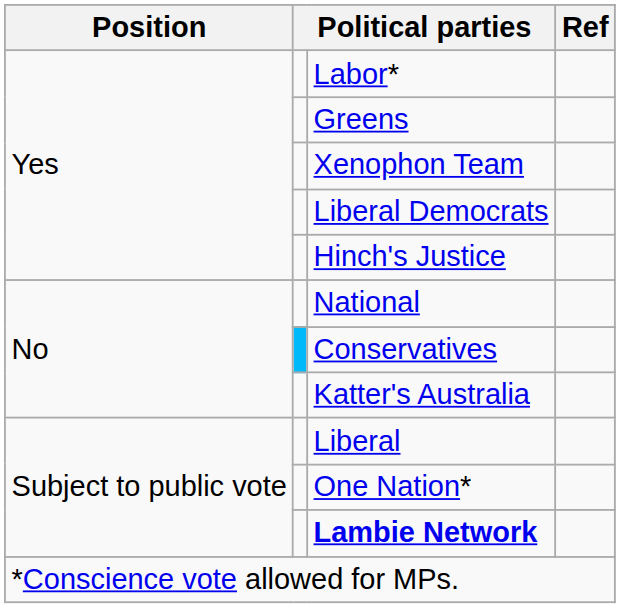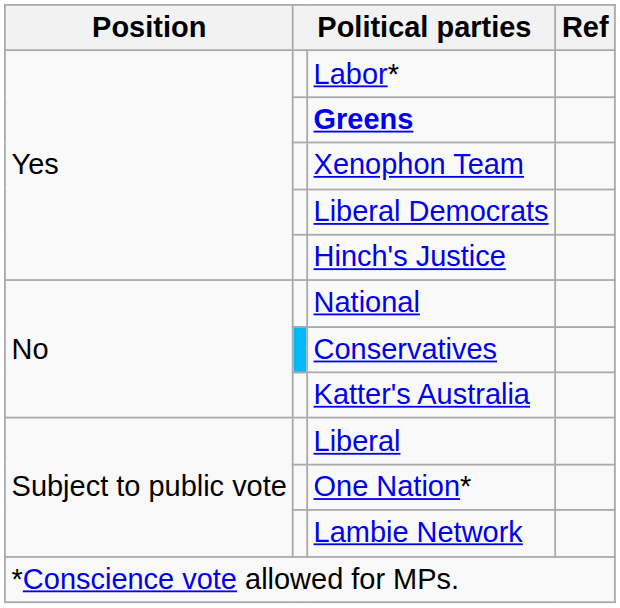 <table class="wikitable">
 <tr>
 <th>Position</th>
 <th colspan=2>Political parties</th>
 <th>Ref</th>
 </tr>
 <tr>
 <td rowspan="5">Yes</td>
 <td style="background-color: "></td>
 <td><a href='#'>Labor</a>*</td>
 <td></td>
 </tr>
 <tr>
 <td style="background-color: "></td>
-<td><a href='#'>Greens</a></td>
+<td><strong><a href='#'>Greens</a></strong></td>
 <td></td>
 </tr>
 <tr>
 <td style="background-color: "></td>
 <td><a href='#'>Xenophon Team</a></td>
 <td></td>
 </tr>
 <tr>
 <td style="background-color: "></td>
 <td><a href='#'>Liberal Democrats</a></td>
 <td></td>
 </tr>
 <tr>
 <td style="background-color: "></td>
 <td><a href='#'>Hinch's Justice</a></td>
 <td></td>
 </tr>
 <tr>
 <td rowspan="3">No</td>
 <td style="background-color: "></td>
 <td><a href='#'>National</a></td>
 <td></td>
 </tr>
 <tr>
 <td style="background:#00b9fb;"></td>
 <td><a href='#'>Conservatives</a></td>
 <td></td>
 </tr>
 <tr>
 <td style="background-color: "></td>
 <td><a href='#'>Katter's Australia</a></td>
 <td></td>
 </tr>
 <tr>
 <td rowspan="3">Subject to public vote</td>
 <td style="background-color: "></td>
 <td><a href='#'>Liberal</a></td>
 <td></td>
 </tr>
 <tr>
 <td style="background-color: "></td>
 <td><a href='#'>One Nation</a>*</td>
 <td></td>
 </tr>
 <tr>
 <td style="background-color: "></td>
-<td><strong><a href='#'>Lambie Network</a></strong></td>
+<td><a href='#'>Lambie Network</a></td>
 <td></td>
 </tr>
 <tr>
 <td colspan="4">*<a href='#'>Conscience vote</a> allowed for MPs.</td>
 </tr>
 </table>
